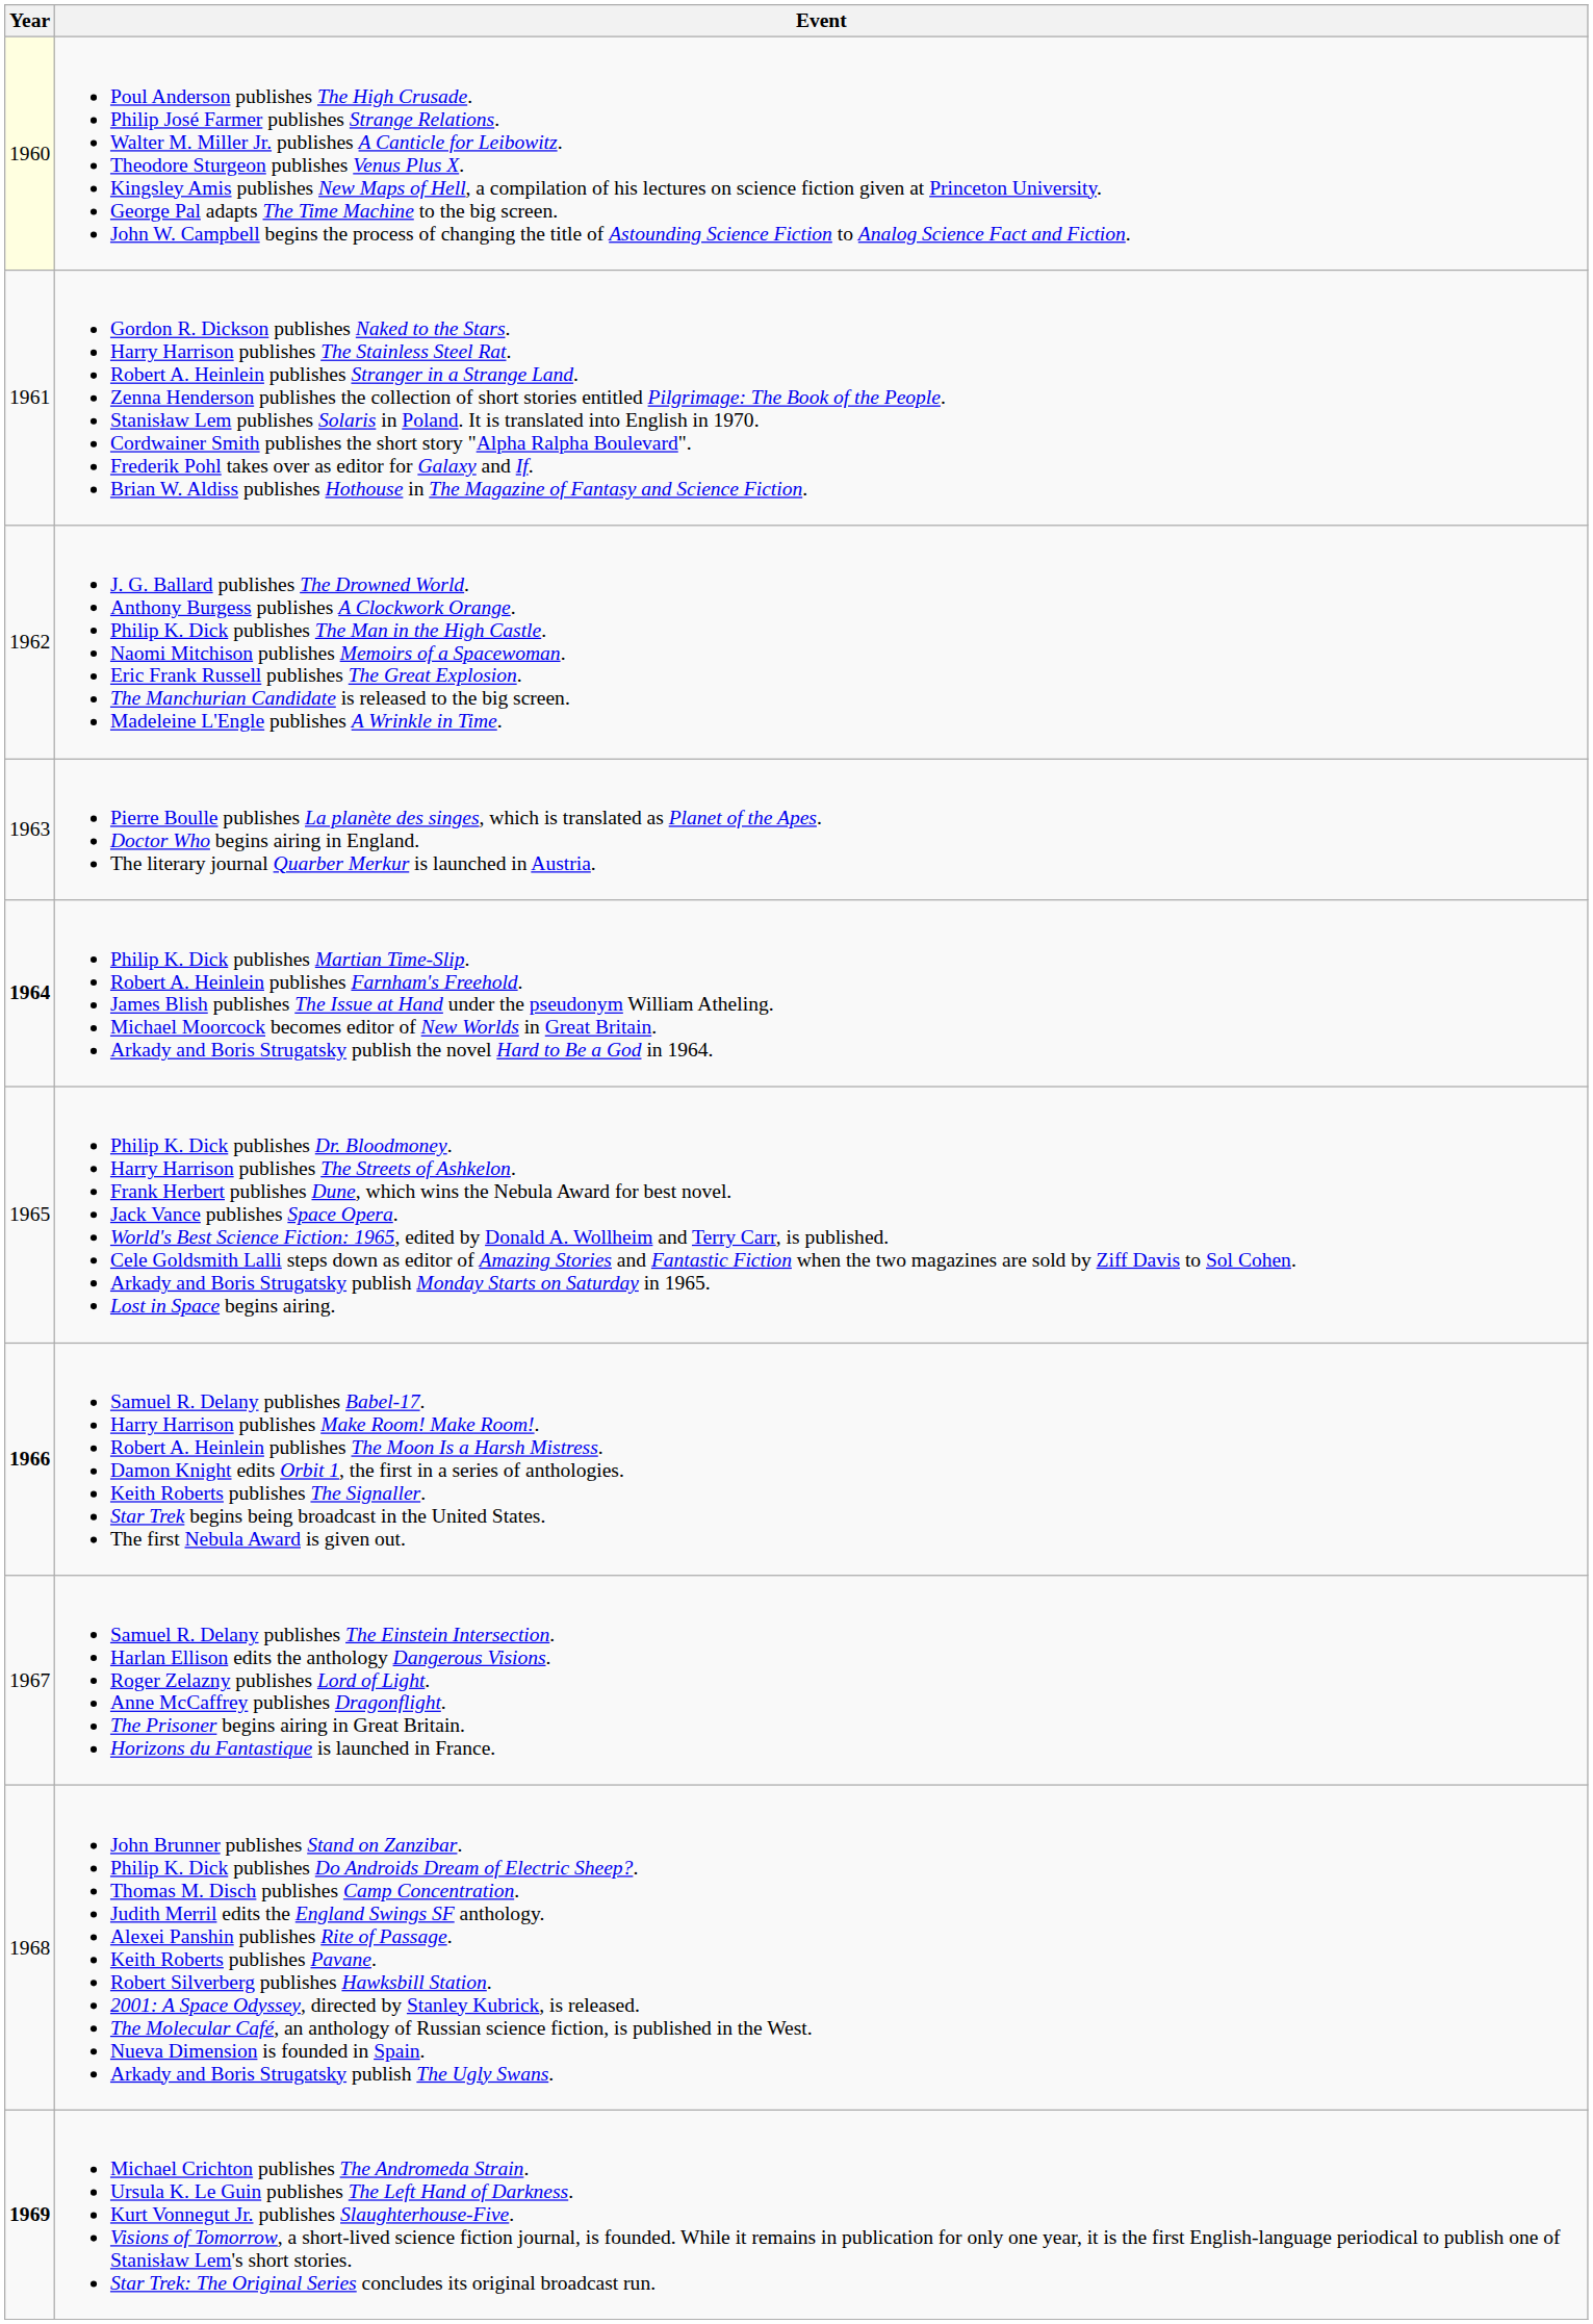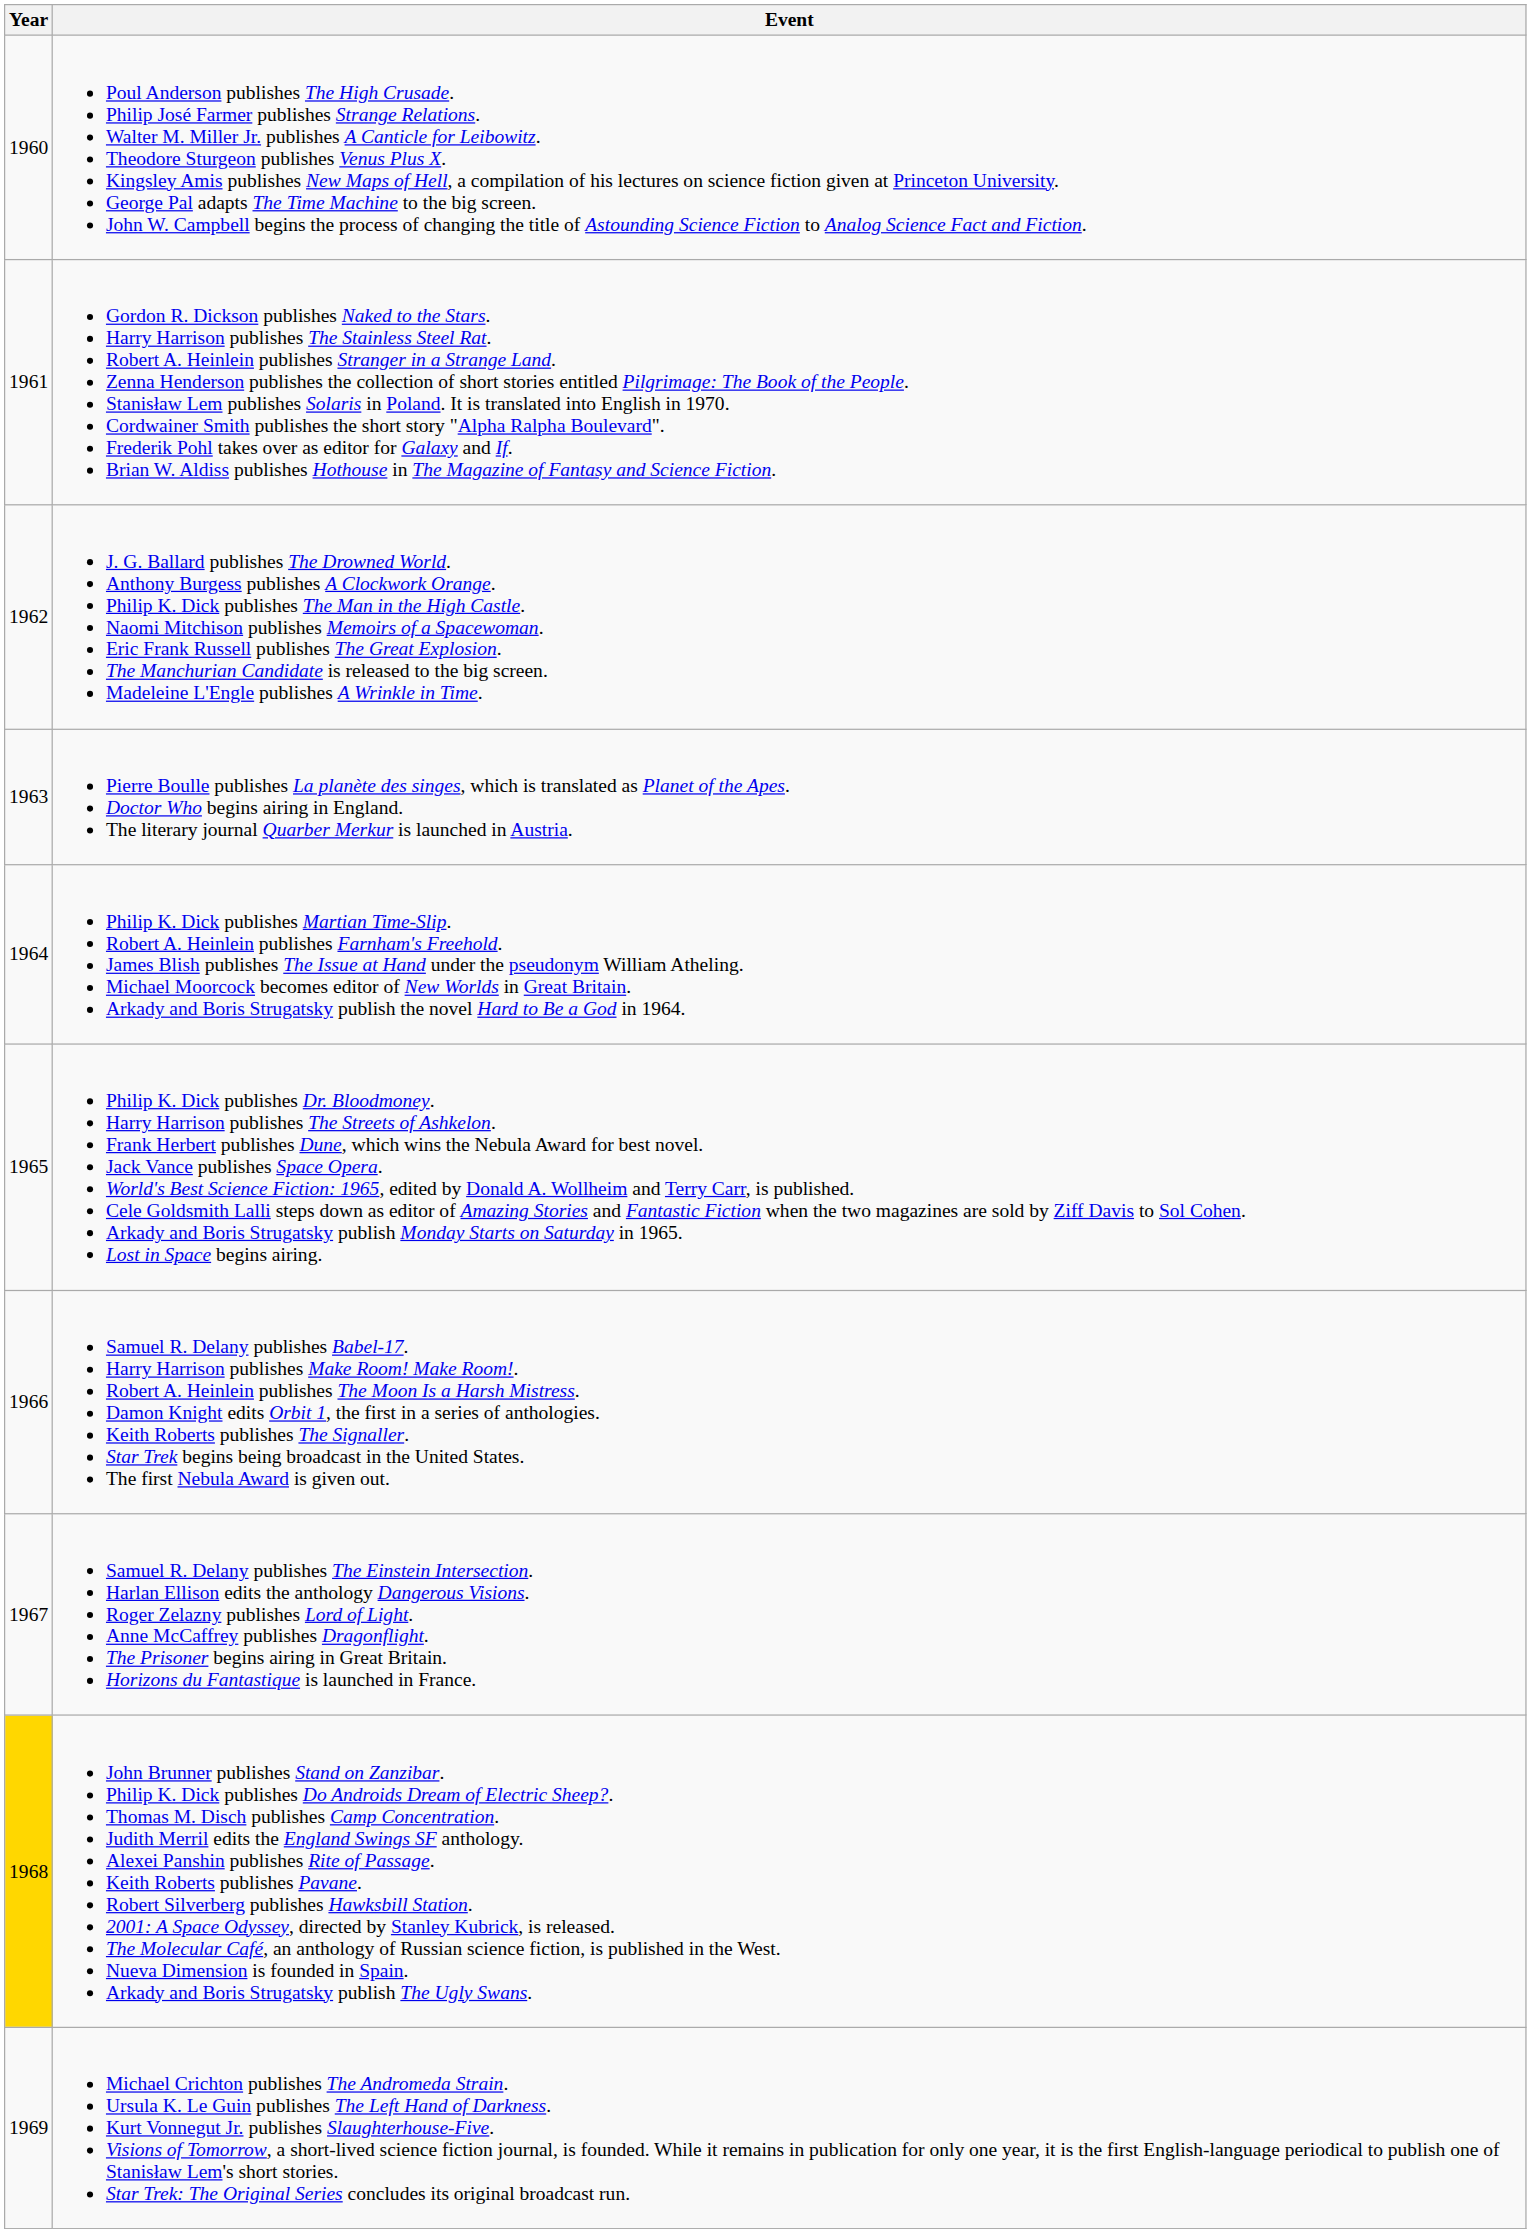 <table class="wikitable">
 <tr>
 <th scope="col">Year</th>
 <th scope="col">Event</th>
 </tr>
 <tr>
-<td style="background: lightyellow;">1960</td>
+<td>1960</td>
 <td><br><ul><li><a href='#'>Poul Anderson</a> publishes <em><a href='#'>The High Crusade</a></em>.</li><li><a href='#'>Philip José Farmer</a> publishes <em><a href='#'>Strange Relations</a></em>.</li><li><a href='#'>Walter M. Miller Jr.</a> publishes <em><a href='#'>A Canticle for Leibowitz</a></em>.</li><li><a href='#'>Theodore Sturgeon</a> publishes <em><a href='#'>Venus Plus X</a></em>.</li><li><a href='#'>Kingsley Amis</a> publishes <em><a href='#'>New Maps of Hell</a></em>, a compilation of his lectures on science fiction given at <a href='#'>Princeton University</a>.</li><li><a href='#'>George Pal</a> adapts <em><a href='#'>The Time Machine</a></em> to the big screen.</li><li><a href='#'>John W. Campbell</a> begins the process of changing the title of <em><a href='#'>Astounding Science Fiction</a></em> to <em><a href='#'>Analog Science Fact and Fiction</a></em>.</li></ul></td>
 </tr>
 <tr>
 <td>1961</td>
 <td><br><ul><li><a href='#'>Gordon R. Dickson</a> publishes <em><a href='#'>Naked to the Stars</a></em>.</li><li><a href='#'>Harry Harrison</a> publishes <em><a href='#'>The Stainless Steel Rat</a></em>.</li><li><a href='#'>Robert A. Heinlein</a> publishes <em><a href='#'>Stranger in a Strange Land</a></em>.</li><li><a href='#'>Zenna Henderson</a> publishes the collection of short stories entitled <em><a href='#'>Pilgrimage: The Book of the People</a></em>.</li><li><a href='#'>Stanisław Lem</a> publishes <em><a href='#'>Solaris</a></em> in <a href='#'>Poland</a>. It is translated into English in 1970.</li><li><a href='#'>Cordwainer Smith</a> publishes the short story "<a href='#'>Alpha Ralpha Boulevard</a>".</li><li><a href='#'>Frederik Pohl</a> takes over as editor for <a href='#'><em>Galaxy</em></a> and <a href='#'><em>If</em></a>.</li><li><a href='#'>Brian W. Aldiss</a> publishes <em><a href='#'>Hothouse</a></em> in <em><a href='#'>The Magazine of Fantasy and Science Fiction</a></em>.</li></ul></td>
 </tr>
 <tr>
 <td>1962</td>
 <td><br><ul><li><a href='#'>J. G. Ballard</a> publishes <em><a href='#'>The Drowned World</a></em>.</li><li><a href='#'>Anthony Burgess</a> publishes <a href='#'><em>A Clockwork Orange</em></a>.</li><li><a href='#'>Philip K. Dick</a> publishes <em><a href='#'>The Man in the High Castle</a></em>.</li><li><a href='#'>Naomi Mitchison</a> publishes <em><a href='#'>Memoirs of a Spacewoman</a></em>.</li><li><a href='#'>Eric Frank Russell</a> publishes <em><a href='#'>The Great Explosion</a></em>.</li><li><em><a href='#'>The Manchurian Candidate</a></em> is released to the big screen.</li><li><a href='#'>Madeleine L'Engle</a> publishes <em><a href='#'>A Wrinkle in Time</a></em>.</li></ul></td>
 </tr>
 <tr>
 <td>1963</td>
 <td><br><ul><li><a href='#'>Pierre Boulle</a> publishes <em><a href='#'>La planète des singes</a></em>, which is translated as <a href='#'><em>Planet of the Apes</em></a>.</li><li><em><a href='#'>Doctor Who</a></em> begins airing in England.</li><li>The literary journal <em><a href='#'>Quarber Merkur</a></em> is launched in <a href='#'>Austria</a>.</li></ul></td>
 </tr>
 <tr>
-<td><strong>1964</strong></td>
+<td>1964</td>
 <td><br><ul><li><a href='#'>Philip K. Dick</a> publishes <em><a href='#'>Martian Time-Slip</a></em>.</li><li><a href='#'>Robert A. Heinlein</a> publishes <em><a href='#'>Farnham's Freehold</a></em>.</li><li><a href='#'>James Blish</a> publishes <em><a href='#'>The Issue at Hand</a></em> under the <a href='#'>pseudonym</a> William Atheling.</li><li><a href='#'>Michael Moorcock</a> becomes editor of <em><a href='#'>New Worlds</a></em> in <a href='#'>Great Britain</a>.</li><li><a href='#'>Arkady and Boris Strugatsky</a> publish the novel <em><a href='#'>Hard to Be a God</a></em> in 1964.</li></ul></td>
 </tr>
 <tr>
 <td>1965</td>
 <td><br><ul><li><a href='#'>Philip K. Dick</a> publishes <em><a href='#'>Dr. Bloodmoney</a></em>.</li><li><a href='#'>Harry Harrison</a> publishes <em><a href='#'>The Streets of Ashkelon</a></em>.</li><li><a href='#'>Frank Herbert</a> publishes <em><a href='#'>Dune</a></em>, which wins the Nebula Award for best novel.</li><li><a href='#'>Jack Vance</a> publishes <em><a href='#'>Space Opera</a></em>.</li><li><em><a href='#'>World's Best Science Fiction: 1965</a></em>, edited by <a href='#'>Donald A. Wollheim</a> and <a href='#'>Terry Carr</a>, is published.</li><li><a href='#'>Cele Goldsmith Lalli</a> steps down as editor of <em><a href='#'>Amazing Stories</a></em> and <em><a href='#'>Fantastic Fiction</a></em> when the two magazines are sold by <a href='#'>Ziff Davis</a> to <a href='#'>Sol Cohen</a>.</li><li><a href='#'>Arkady and Boris Strugatsky</a> publish <em><a href='#'>Monday Starts on Saturday</a></em> in 1965.</li><li><em><a href='#'>Lost in Space</a></em> begins airing.</li></ul></td>
 </tr>
 <tr>
-<td><strong>1966</strong></td>
+<td>1966</td>
 <td><br><ul><li><a href='#'>Samuel R. Delany</a> publishes <em><a href='#'>Babel-17</a></em>.</li><li><a href='#'>Harry Harrison</a> publishes <em><a href='#'>Make Room! Make Room!</a></em>.</li><li><a href='#'>Robert A. Heinlein</a> publishes <em><a href='#'>The Moon Is a Harsh Mistress</a></em>.</li><li><a href='#'>Damon Knight</a> edits <em><a href='#'>Orbit 1</a></em>, the first in a series of anthologies.</li><li><a href='#'>Keith Roberts</a> publishes <em><a href='#'>The Signaller</a></em>.</li><li><em><a href='#'>Star Trek</a></em> begins being broadcast in the United States.</li><li>The first <a href='#'>Nebula Award</a> is given out.</li></ul></td>
 </tr>
 <tr>
 <td>1967</td>
 <td><br><ul><li><a href='#'>Samuel R. Delany</a> publishes <em><a href='#'>The Einstein Intersection</a></em>.</li><li><a href='#'>Harlan Ellison</a> edits the anthology <em><a href='#'>Dangerous Visions</a></em>.</li><li><a href='#'>Roger Zelazny</a> publishes <em><a href='#'>Lord of Light</a></em>.</li><li><a href='#'>Anne McCaffrey</a> publishes <em><a href='#'>Dragonflight</a></em>.</li><li><em><a href='#'>The Prisoner</a></em> begins airing in Great Britain.</li><li><em><a href='#'>Horizons du Fantastique</a></em> is launched in France.</li></ul></td>
 </tr>
 <tr>
-<td>1968</td>
+<td style="background: gold;">1968</td>
 <td><br><ul><li><a href='#'>John Brunner</a> publishes <em><a href='#'>Stand on Zanzibar</a></em>.</li><li><a href='#'>Philip K. Dick</a> publishes <em><a href='#'>Do Androids Dream of Electric Sheep?</a></em>.</li><li><a href='#'>Thomas M. Disch</a> publishes <em><a href='#'>Camp Concentration</a></em>.</li><li><a href='#'>Judith Merril</a> edits the <em><a href='#'>England Swings SF</a></em> anthology.</li><li><a href='#'>Alexei Panshin</a> publishes <em><a href='#'>Rite of Passage</a></em>.</li><li><a href='#'>Keith Roberts</a> publishes <a href='#'><em>Pavane</em></a>.</li><li><a href='#'>Robert Silverberg</a> publishes <em><a href='#'>Hawksbill Station</a></em>.</li><li><a href='#'><em>2001: A Space Odyssey</em></a>, directed by <a href='#'>Stanley Kubrick</a>, is released.</li><li><em><a href='#'>The Molecular Café</a></em>, an anthology of Russian science fiction, is published in the West.</li><li><a href='#'>Nueva Dimension</a> is founded in <a href='#'>Spain</a>.</li><li><a href='#'>Arkady and Boris Strugatsky</a> publish <em><a href='#'>The Ugly Swans</a></em>.</li></ul></td>
 </tr>
 <tr>
-<td><strong>1969</strong></td>
+<td>1969</td>
 <td><br><ul><li><a href='#'>Michael Crichton</a> publishes <em><a href='#'>The Andromeda Strain</a></em>.</li><li><a href='#'>Ursula K. Le Guin</a> publishes <em><a href='#'>The Left Hand of Darkness</a></em>.</li><li><a href='#'>Kurt Vonnegut Jr.</a> publishes <em><a href='#'>Slaughterhouse-Five</a></em>.</li><li><em><a href='#'>Visions of Tomorrow</a></em>, a short-lived science fiction journal, is founded. While it remains in publication for only one year, it is the first English-language periodical to publish one of <a href='#'>Stanisław Lem</a>'s short stories.</li><li><em><a href='#'>Star Trek: The Original Series</a></em> concludes its original broadcast run.</li></ul></td>
 </tr>
 </table>
